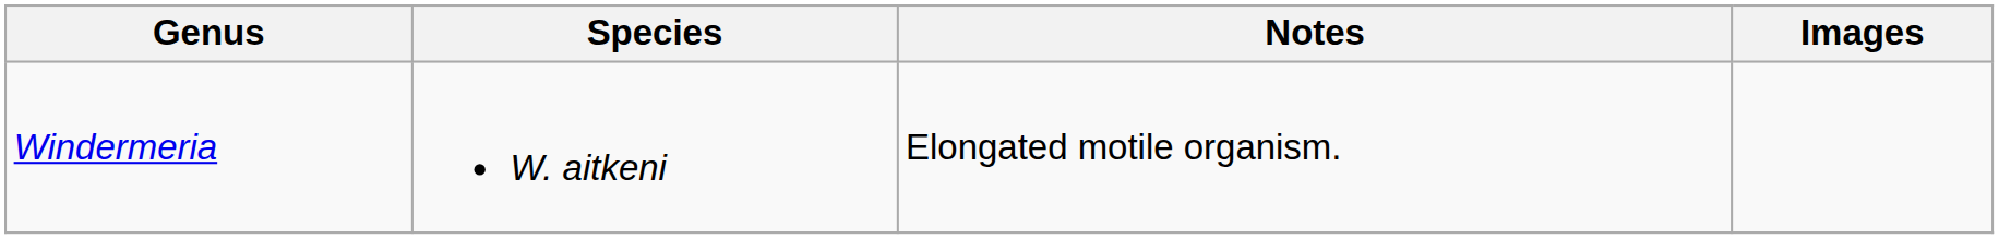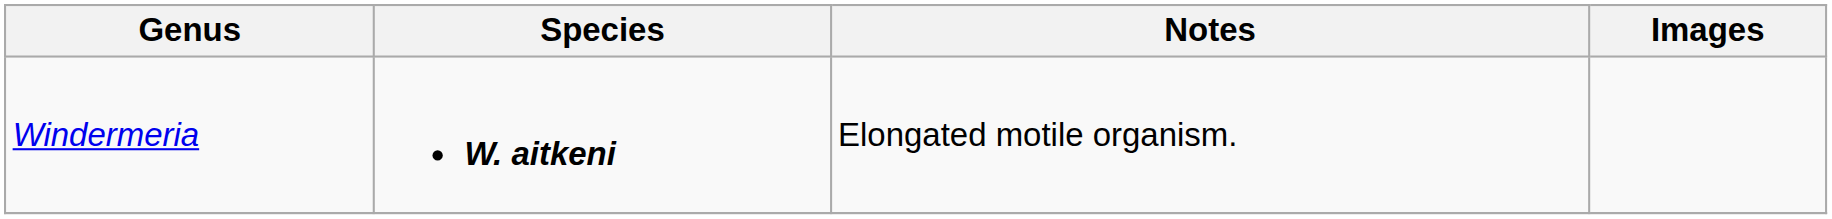 <table class="wikitable" style="width:70%;">
 <tr>
 <th>Genus</th>
 <th>Species</th>
 <th>Notes</th>
 <th>Images</th>
 </tr>
 <tr>
 <td><em><a href='#'>Windermeria</a></em></td>
-<td><br><ul><li><em>W. aitkeni</em></li></ul></td>
+<td><strong><br><ul><li><em>W. aitkeni</em></li></ul></strong></td>
 <td>Elongated motile organism.</td>
 <td></td>
 </tr>
 <tr>
 </tr>
 </table>
